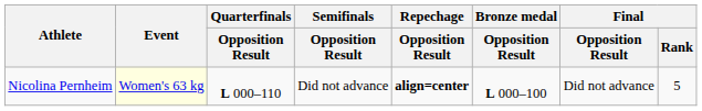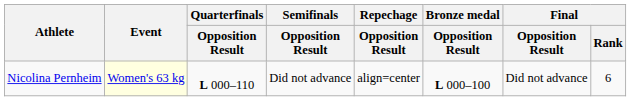 <table class=wikitable style="font-size:90%">
 <tr>
 <th rowspan="2">Athlete</th>
 <th rowspan="2">Event</th>
 <th>Quarterfinals</th>
 <th>Semifinals</th>
 <th>Repechage</th>
 <th>Bronze medal</th>
 <th colspan="2">Final</th>
 </tr>
 <tr>
 <th>Opposition<br>Result</th>
 <th>Opposition<br>Result</th>
 <th>Opposition<br>Result</th>
 <th>Opposition<br>Result</th>
 <th>Opposition<br>Result</th>
 <th>Rank</th>
 </tr>
 <tr>
 <td><a href='#'>Nicolina Pernheim</a></td>
 <td style="background: lightyellow;"><a href='#'>Women's 63 kg</a></td>
 <td align=center><br><strong>L</strong> 000–110</td>
 <td align=center>Did not advance</td>
-<td><strong>align=center </strong></td>
+<td>align=center </td>
 <td align=center><br><strong>L</strong> 000–100</td>
 <td align=center>Did not advance</td>
-<td align=center>5</td>
+<td align=center>6</td>
 </tr>
 </table>
